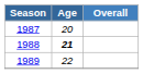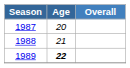 <table class="wikitable" style="font-size:95%; text-align:center; border:grey solid 1px; border-collapse:collapse; background:#ffffff;">
 <tr>
 <th style="background-color:#369; color:white; width:60px;"> Season </th>
 <th style="background-color:#369; color:white; width:40px;"> Age </th>
 <th style="background-color:#4180be; color:white; width:75px;">Overall</th>
 </tr>
 <tr>
 <td><a href='#'>1987</a></td>
 <td><em>20</em></td>
 <td></td>
 </tr>
 <tr>
 <td><a href='#'>1988</a></td>
-<td><strong><em>21</em></strong></td>
+<td><em>21</em></td>
 <td></td>
 </tr>
 <tr>
 <td><a href='#'>1989</a></td>
-<td><em>22</em></td>
+<td><strong><em>22</em></strong></td>
 <td></td>
 </tr>
 <tr>
 </tr>
 </table>
